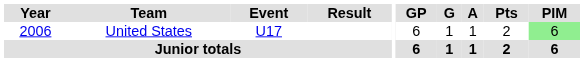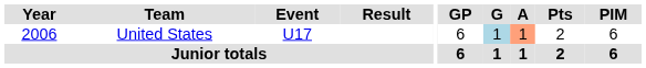 <table border="0" cellpadding="1" cellspacing="0" ID="Table3" style="text-align:center; width:40em">
 <tr ALIGN="center" bgcolor="#e0e0e0">
 <th>Year</th>
 <th>Team</th>
 <th>Event</th>
 <th>Result</th>
 <th rowspan="99" bgcolor="#ffffff"></th>
 <th>GP</th>
 <th>G</th>
 <th>A</th>
 <th>Pts</th>
 <th>PIM</th>
 </tr>
 <tr>
 <td><a href='#'>2006</a></td>
 <td><a href='#'>United States</a></td>
 <td><a href='#'>U17</a></td>
 <td></td>
 <td>6</td>
-<td>1</td>
-<td>1</td>
+<td style="background: lightblue;">1</td>
+<td style="background: lightsalmon;">1</td>
 <td>2</td>
-<td style="background: lightgreen;">6</td>
+<td>6</td>
 </tr>
 <tr bgcolor="#e0e0e0">
 <th colspan=4>Junior totals</th>
 <th>6</th>
 <th>1</th>
 <th>1</th>
 <th>2</th>
 <th>6</th>
 </tr>
 </table>
